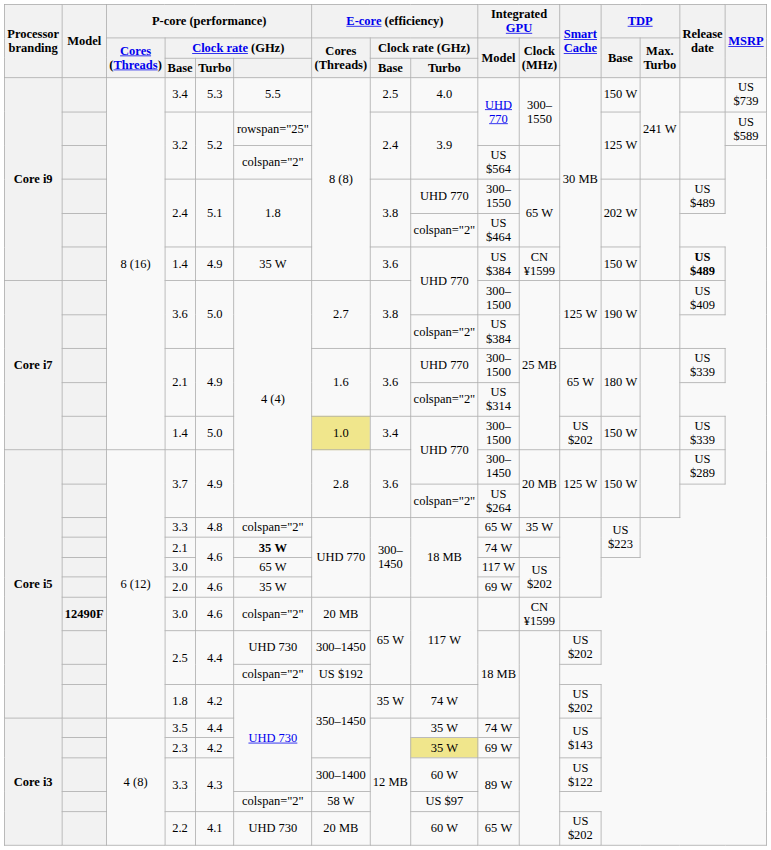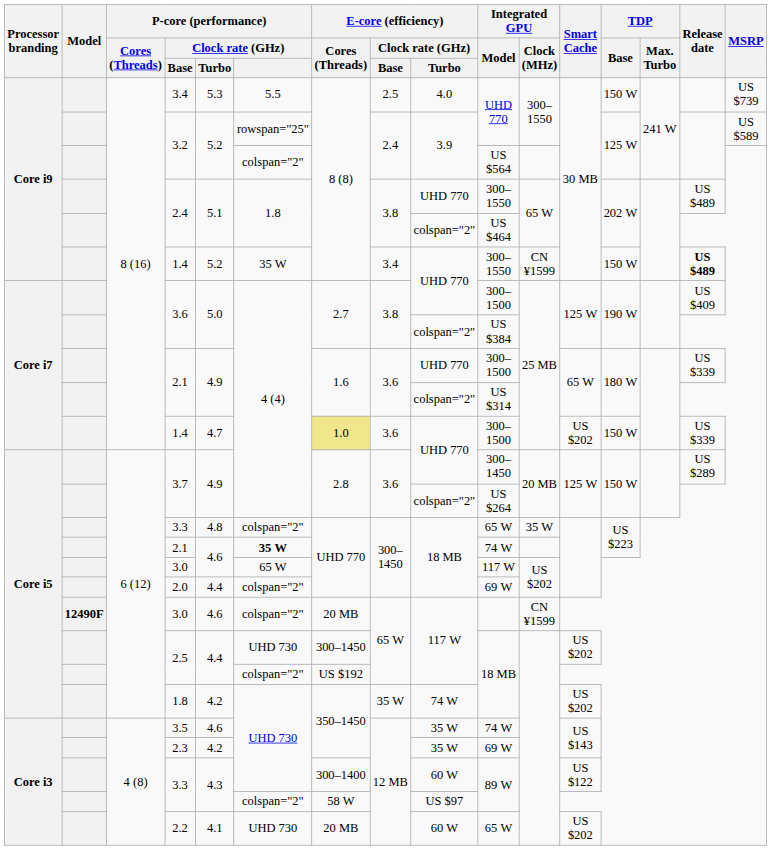 <table class="wikitable sortable nowrap" style="text-align: center;">
 <tr>
 <th class="unsortable" rowspan="3">Processor<br>branding</th>
 <th rowspan="3">Model</th>
 <th colspan="4">P-core (performance)</th>
 <th colspan="3"><a href='#'>E-core</a> (efficiency)</th>
 <th colspan="2">Integrated <a href='#'>GPU</a></th>
 <th class="unsortable" rowspan="3"><a href='#'>Smart<br>Cache</a></th>
 <th colspan="2"><a href='#'>TDP</a></th>
 <th rowspan="3">Release<br>date</th>
 <th class="unsortable" rowspan="3"><a href='#'>MSRP</a></th>
 </tr>
 <tr>
 <th class="unsortable" rowspan="2"><a href='#'>Cores</a><br>(<a href='#'>Threads</a>)</th>
 <th colspan="3"><a href='#'>Clock rate</a> (GHz)</th>
 <th class="unsortable" rowspan="2">Cores<br>(Threads)</th>
 <th colspan="2">Clock rate (GHz)</th>
 <th class="unsortable" rowspan="2">Model</th>
 <th class="unsortable" rowspan="2">Clock (MHz)</th>
 <th rowspan="2">Base</th>
 <th class="unsortable" rowspan="2">Max.<br>Turbo</th>
 </tr>
 <tr>
 <th class="unsortable">Base</th>
 <th class="unsortable">Turbo</th>
 <th class="unsortable"></th>
 <th class="unsortable">Base</th>
 <th class="unsortable">Turbo</th>
 </tr>
 <tr>
 <th rowspan="6">Core i9</th>
 <th style="text-align:left;" data-sort-value="sku26"></th>
 <td rowspan="11">8 (16)</td>
 <td>3.4</td>
 <td>5.3</td>
 <td>5.5</td>
 <td rowspan="6">8 (8)</td>
 <td>2.5</td>
 <td>4.0</td>
 <td rowspan="2"><a href='#'>UHD 770</a></td>
 <td rowspan="2">300–1550</td>
 <td rowspan="6">30 MB</td>
 <td>150 W</td>
 <td rowspan="3">241 W</td>
 <td></td>
 <td>US $739</td>
 </tr>
 <tr>
 <th style="text-align:left;" data-sort-value="sku25"></th>
 <td rowspan="2">3.2</td>
 <td rowspan="2">5.2</td>
 <td>rowspan="25" </td>
 <td rowspan="2">2.4</td>
 <td rowspan="2">3.9</td>
 <td rowspan="2">125 W</td>
 <td rowspan="2"></td>
 <td>US $589</td>
 </tr>
 <tr>
 <th style="text-align:left;" data-sort-value="sku24"></th>
 <td>colspan="2" </td>
 <td>US $564</td>
 </tr>
 <tr>
 <th style="text-align:left;" data-sort-value="sku23"></th>
 <td rowspan="2">2.4</td>
 <td rowspan="2">5.1</td>
 <td rowspan="2">1.8</td>
 <td rowspan="2">3.8</td>
 <td>UHD 770</td>
 <td>300–1550</td>
 <td rowspan="2">65 W</td>
 <td rowspan="2">202 W</td>
 <td rowspan="3"></td>
 <td>US $489</td>
 </tr>
 <tr>
 <th style="text-align:left;" data-sort-value="sku22"></th>
 <td>colspan="2" </td>
 <td>US $464</td>
 </tr>
 <tr>
 <th style="text-align:left;" data-sort-value="sku21"></th>
 <td>1.4</td>
-<td>4.9</td>
+<td>5.2</td>
 <td>35 W</td>
-<td>3.6</td>
+<td>3.4</td>
 <td rowspan="2">UHD 770</td>
-<td>US $384</td>
+<td>300–1550</td>
 <td>CN ¥1599</td>
 <td>150 W</td>
 <td><strong>US $489</strong></td>
 </tr>
 <tr>
 <th rowspan="5">Core i7</th>
 <th style="text-align:left;" data-sort-value="sku20"></th>
 <td rowspan="2">3.6</td>
 <td rowspan="2">5.0</td>
 <td rowspan="7">4 (4)</td>
 <td rowspan="2">2.7</td>
 <td rowspan="2">3.8</td>
 <td>300–1500</td>
 <td rowspan="5">25 MB</td>
 <td rowspan="2">125 W</td>
 <td rowspan="2">190 W</td>
 <td rowspan="2"></td>
 <td>US $409</td>
 </tr>
 <tr>
 <th style="text-align:left;" data-sort-value="sku19"></th>
 <td>colspan="2" </td>
 <td>US $384</td>
 </tr>
 <tr>
 <th style="text-align:left;" data-sort-value="sku18"></th>
 <td rowspan="2">2.1</td>
 <td rowspan="2">4.9</td>
 <td rowspan="2">1.6</td>
 <td rowspan="2">3.6</td>
 <td>UHD 770</td>
 <td>300–1500</td>
 <td rowspan="2">65 W</td>
 <td rowspan="2">180 W</td>
 <td rowspan="3"></td>
 <td>US $339</td>
 </tr>
 <tr>
 <th style="text-align:left;" data-sort-value="sku17"></th>
 <td>colspan="2" </td>
 <td>US $314</td>
 </tr>
 <tr>
 <th style="text-align:left;" data-sort-value="sku16"></th>
 <td>1.4</td>
-<td>5.0</td>
+<td>4.7</td>
 <td style="background: khaki;">1.0</td>
-<td>3.4</td>
+<td>3.6</td>
 <td rowspan="2">UHD 770</td>
 <td>300–1500</td>
 <td>US $202</td>
 <td>150 W</td>
 <td>US $339</td>
 </tr>
 <tr>
 <th rowspan="10">Core i5</th>
 <th style="text-align:left;" data-sort-value="sku15"></th>
 <td rowspan="10">6 (12)</td>
 <td rowspan="2">3.7</td>
 <td rowspan="2">4.9</td>
 <td rowspan="2">2.8</td>
 <td rowspan="2">3.6</td>
 <td>300–1450</td>
 <td rowspan="2">20 MB</td>
 <td rowspan="2">125 W</td>
 <td rowspan="2">150 W</td>
 <td rowspan="2"></td>
 <td>US $289</td>
 </tr>
 <tr>
 <th style="text-align:left;" data-sort-value="sku14"></th>
 <td>colspan="2" </td>
 <td>US $264</td>
 </tr>
 <tr>
 <th style="text-align:left;" data-sort-value="sku13"></th>
 <td>3.3</td>
 <td>4.8</td>
 <td>colspan="2" </td>
 <td rowspan="4">UHD 770</td>
 <td rowspan="4">300–1450</td>
 <td rowspan="4">18 MB</td>
 <td>65 W</td>
 <td>35 W</td>
 <td rowspan="4"></td>
 <td rowspan="2">US $223</td>
 </tr>
 <tr>
 <th style="text-align:left;" data-sort-value="sku12"></th>
 <td>2.1</td>
 <td rowspan="2">4.6</td>
 <td><strong>35 W</strong></td>
 <td>74 W</td>
 </tr>
 <tr>
 <th style="text-align:left;" data-sort-value="sku11"></th>
 <td>3.0</td>
 <td>65 W</td>
 <td>117 W</td>
 <td rowspan="2">US $202</td>
 </tr>
 <tr>
 <th style="text-align:left;" data-sort-value="sku10"></th>
 <td>2.0</td>
-<td>4.6</td>
-<td>35 W</td>
+<td>4.4</td>
+<td>colspan="2" </td>
 <td>69 W</td>
 </tr>
 <tr>
 <th style="text-align:left;" data-sort-value="sku9">12490F</th>
 <td>3.0</td>
 <td>4.6</td>
 <td>colspan="2" </td>
 <td>20 MB</td>
 <td rowspan="3">65 W</td>
 <td rowspan="3">117 W</td>
 <td></td>
 <td>CN ¥1599</td>
 </tr>
 <tr>
 <th style="text-align:left;" data-sort-value="sku8"></th>
 <td rowspan="2">2.5</td>
 <td rowspan="2">4.4</td>
 <td>UHD 730</td>
 <td>300–1450</td>
 <td rowspan="3">18 MB</td>
 <td rowspan="8"></td>
 <td>US $202</td>
 </tr>
 <tr>
 <th style="text-align:left;" data-sort-value="sku7"></th>
 <td>colspan="2" </td>
 <td>US $192</td>
 </tr>
 <tr>
 <th style="text-align:left;" data-sort-value="sku6"></th>
 <td>1.8</td>
 <td>4.2</td>
 <td rowspan="4"><a href='#'>UHD 730</a></td>
 <td rowspan="3">350–1450</td>
 <td>35 W</td>
 <td>74 W</td>
 <td>US $202</td>
 </tr>
 <tr>
 <th rowspan="5">Core i3</th>
 <th style="text-align:left;" data-sort-value="sku5"></th>
 <td rowspan="5">4 (8)</td>
 <td>3.5</td>
-<td>4.4</td>
+<td>4.6</td>
 <td rowspan="5">12 MB</td>
 <td>35 W</td>
 <td>74 W</td>
 <td rowspan="2">US $143</td>
 </tr>
 <tr>
 <th style="text-align:left;" data-sort-value="sku4"></th>
 <td>2.3</td>
 <td>4.2</td>
-<td style="background: khaki;">35 W</td>
+<td>35 W</td>
 <td>69 W</td>
 </tr>
 <tr>
 <th style="text-align:left;" data-sort-value="sku3"></th>
 <td rowspan="2">3.3</td>
 <td rowspan="2">4.3</td>
 <td>300–1400</td>
 <td>60 W</td>
 <td rowspan="2">89 W</td>
 <td>US $122</td>
 </tr>
 <tr>
 <th style="text-align:left;" data-sort-value="sku2"></th>
 <td>colspan="2" </td>
 <td>58 W</td>
 <td>US $97</td>
 </tr>
 <tr>
 <th style="text-align:left;" data-sort-value="sku1"></th>
 <td>2.2</td>
 <td>4.1</td>
 <td>UHD 730</td>
 <td>20 MB</td>
 <td>60 W</td>
 <td>65 W</td>
 <td>US $202</td>
 </tr>
 </table>
